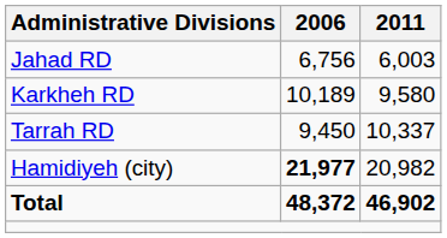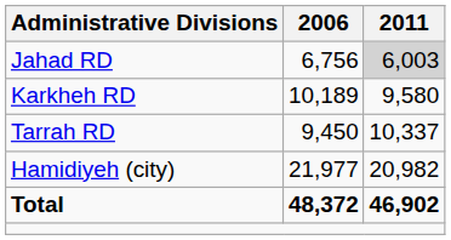 <table class="wikitable">
 <tr>
 <th>Administrative Divisions</th>
 <th>2006</th>
 <th>2011</th>
 </tr>
 <tr>
 <td><a href='#'>Jahad RD</a></td>
 <td style="text-align: right;">6,756</td>
-<td style="text-align: right;">6,003</td>
+<td style="background: lightgrey; text-align: right;">6,003</td>
 </tr>
 <tr>
 <td><a href='#'>Karkheh RD</a></td>
 <td style="text-align: right;">10,189</td>
 <td style="text-align: right;">9,580</td>
 </tr>
 <tr>
 <td><a href='#'>Tarrah RD</a></td>
 <td style="text-align: right;">9,450</td>
 <td style="text-align: right;">10,337</td>
 </tr>
 <tr>
 <td><a href='#'>Hamidiyeh</a> (city)</td>
-<td style="text-align: right;"><strong>21,977</strong></td>
+<td style="text-align: right;">21,977</td>
 <td style="text-align: right;">20,982</td>
 </tr>
 <tr>
 <td><strong>Total</strong></td>
 <td style="text-align: right;"><strong>48,372</strong></td>
 <td style="text-align: right;"><strong>46,902</strong></td>
 </tr>
 <tr>
 <td colspan=3></td>
 </tr>
 </table>
